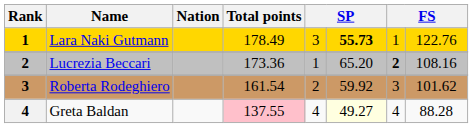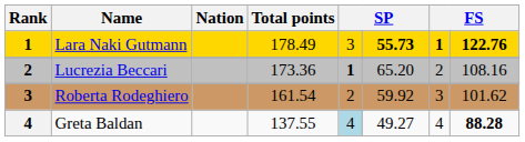 <table class="wikitable sortable">
 <tr>
 <th>Rank</th>
 <th>Name</th>
 <th>Nation</th>
 <th>Total points</th>
 <th colspan="2" width="80px"><a href='#'>SP</a></th>
 <th colspan="2" width="80px"><a href='#'>FS</a></th>
 </tr>
 <tr bgcolor="gold">
 <td align="center"><strong>1</strong></td>
 <td><a href='#'>Lara Naki Gutmann</a></td>
 <td></td>
 <td align="center">178.49</td>
 <td align="center">3</td>
 <td align="center"><strong>55.73</strong></td>
-<td align="center">1</td>
-<td align="center">122.76</td>
+<td align="center"><strong>1</strong></td>
+<td align="center"><strong>122.76</strong></td>
 </tr>
 <tr>
 </tr>
 <tr bgcolor="silver">
 <td align="center"><strong>2</strong></td>
 <td><a href='#'>Lucrezia Beccari</a></td>
 <td></td>
 <td align="center">173.36</td>
-<td align="center">1</td>
+<td align="center"><strong>1</strong></td>
 <td align="center">65.20</td>
-<td align="center"><strong>2</strong></td>
+<td align="center">2</td>
 <td align="center">108.16</td>
 </tr>
 <tr>
 </tr>
 <tr bgcolor="cc9966">
 <td align="center"><strong>3</strong></td>
 <td><a href='#'>Roberta Rodeghiero</a></td>
 <td></td>
 <td align="center">161.54</td>
 <td align="center">2</td>
 <td align="center">59.92</td>
 <td align="center">3</td>
 <td align="center">101.62</td>
 </tr>
 <tr>
 <th>4</th>
 <td>Greta Baldan</td>
 <td></td>
-<td align="center" style="background: pink;">137.55</td>
+<td align="center">137.55</td>
+<td align="center" style="background: lightblue;">4</td>
+<td align="center">49.27</td>
 <td align="center">4</td>
-<td align="center" style="background: lightyellow;">49.27</td>
-<td align="center">4</td>
-<td align="center">88.28</td>
+<td align="center"><strong>88.28</strong></td>
 </tr>
 </table>
